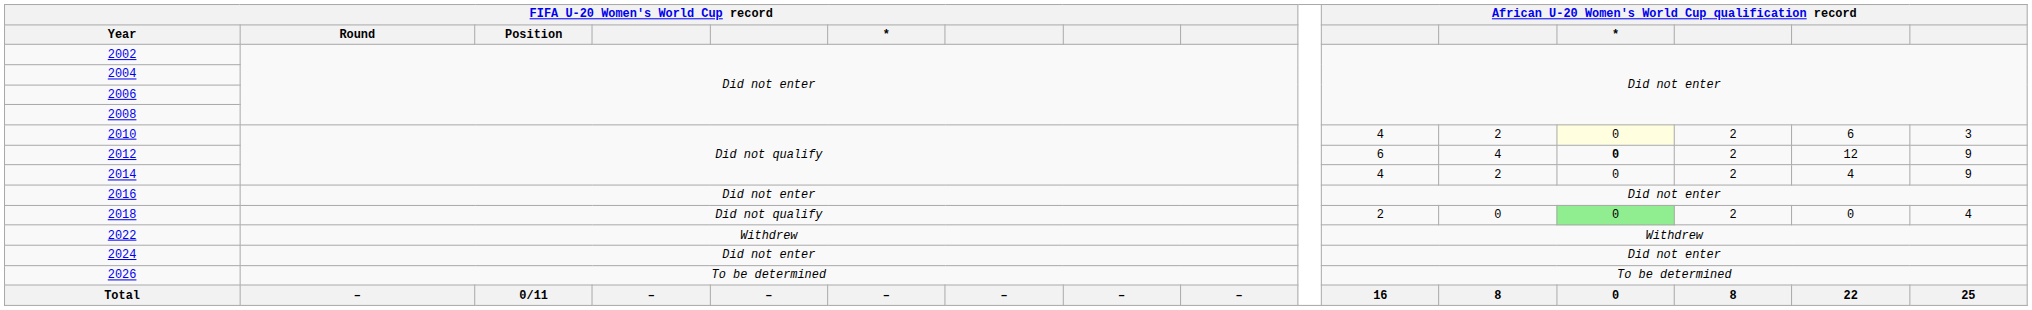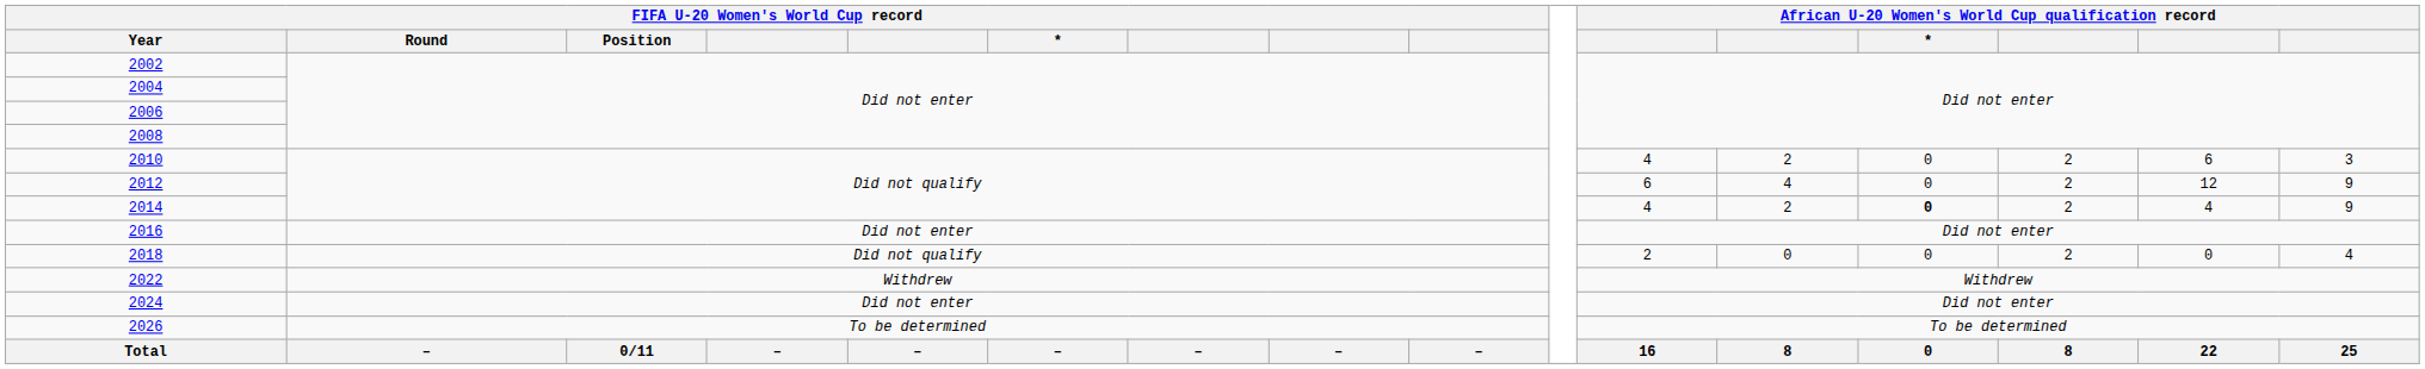 <table class="wikitable" style="font-size:90%; text-align:center; width:100%">
 <tr>
 <th colspan="9"><a href='#'>FIFA U-20 Women's World Cup</a> record</th>
 <th rowspan="15" style="width:1%;background:white"></th>
 <th colspan="6"><a href='#'>African U-20 Women's World Cup qualification</a> record</th>
 </tr>
 <tr>
 <th width="10%">Year</th>
 <th width="10%">Round</th>
 <th width="5%">Position</th>
 <th width="5%"></th>
 <th width="5%"></th>
 <th width="5%">*</th>
 <th width="5%"></th>
 <th width="5%"></th>
 <th width="5%"></th>
 <th width="5%"></th>
 <th width="5%"></th>
 <th width="5%">*</th>
 <th width="5%"></th>
 <th width="5%"></th>
 <th width="5%"></th>
 </tr>
 <tr>
 <td> <a href='#'>2002</a></td>
 <td colspan="8" rowspan="4"><em>Did not enter</em></td>
 <td colspan="6" rowspan="4"><em>Did not enter</em></td>
 </tr>
 <tr>
 <td> <a href='#'>2004</a></td>
 </tr>
 <tr>
 <td> <a href='#'>2006</a></td>
 </tr>
 <tr>
 <td> <a href='#'>2008</a></td>
 </tr>
 <tr>
 <td> <a href='#'>2010</a></td>
 <td colspan="8" rowspan="3"><em>Did not qualify</em></td>
 <td>4</td>
 <td>2</td>
-<td style="background: lightyellow;">0</td>
+<td>0</td>
 <td>2</td>
 <td>6</td>
 <td>3</td>
 </tr>
 <tr>
 <td> <a href='#'>2012</a></td>
 <td>6</td>
 <td>4</td>
-<td><strong>0</strong></td>
+<td>0</td>
 <td>2</td>
 <td>12</td>
 <td>9</td>
 </tr>
 <tr>
 <td> <a href='#'>2014</a></td>
 <td>4</td>
 <td>2</td>
-<td>0</td>
+<td><strong>0</strong></td>
 <td>2</td>
 <td>4</td>
 <td>9</td>
 </tr>
 <tr>
 <td> <a href='#'>2016</a></td>
 <td colspan="8"><em>Did not enter</em></td>
 <td colspan="6"><em>Did not enter</em></td>
 </tr>
 <tr>
 <td> <a href='#'>2018</a></td>
 <td colspan="8"><em>Did not qualify</em></td>
 <td>2</td>
 <td>0</td>
-<td style="background: lightgreen;">0</td>
+<td>0</td>
 <td>2</td>
 <td>0</td>
 <td>4</td>
 </tr>
 <tr>
 <td> <a href='#'>2022</a></td>
 <td colspan="8"><em>Withdrew</em></td>
 <td colspan="6"><em>Withdrew</em></td>
 </tr>
 <tr>
 <td> <a href='#'>2024</a></td>
 <td colspan="8"><em>Did not enter</em></td>
 <td colspan="6"><em>Did not enter</em></td>
 </tr>
 <tr>
 <td> <a href='#'>2026</a></td>
 <td colspan="8"><em>To be determined</em></td>
 <td colspan="6"><em>To be determined</em></td>
 </tr>
 <tr>
 <th>Total</th>
 <th>–</th>
 <th>0/11</th>
 <th>–</th>
 <th>–</th>
 <th>–</th>
 <th>–</th>
 <th>–</th>
 <th>–</th>
 <th>16</th>
 <th>8</th>
 <th>0</th>
 <th>8</th>
 <th>22</th>
 <th>25</th>
 </tr>
 </table>
